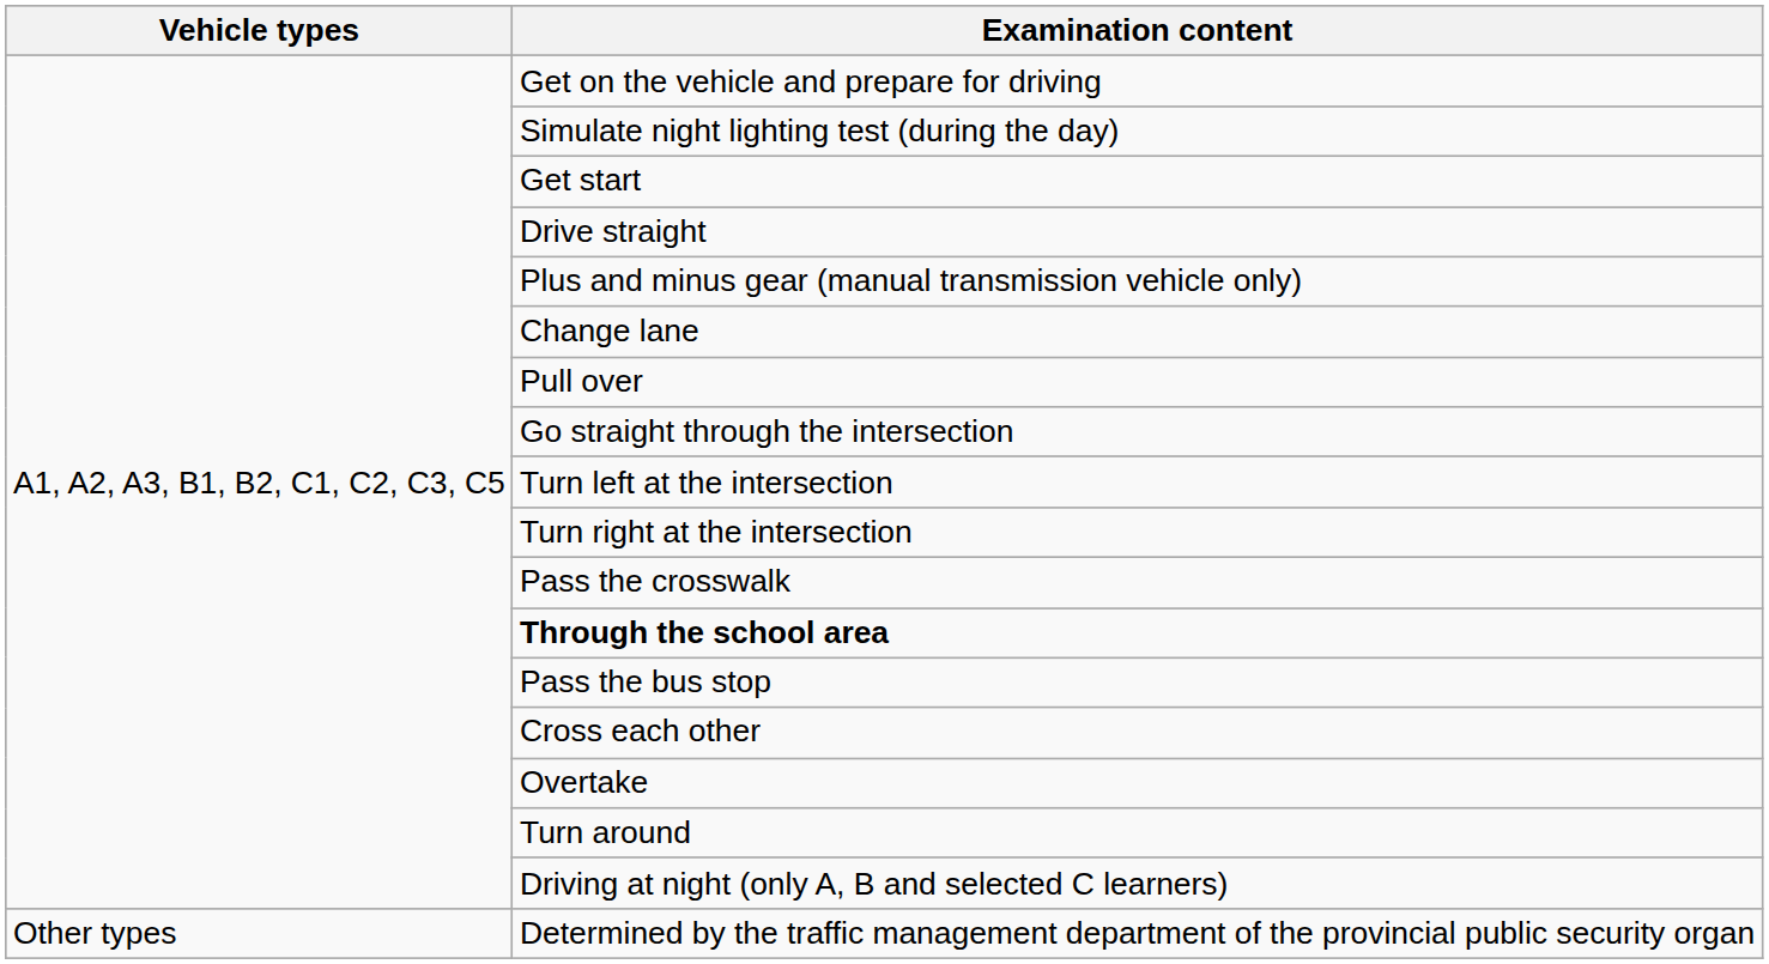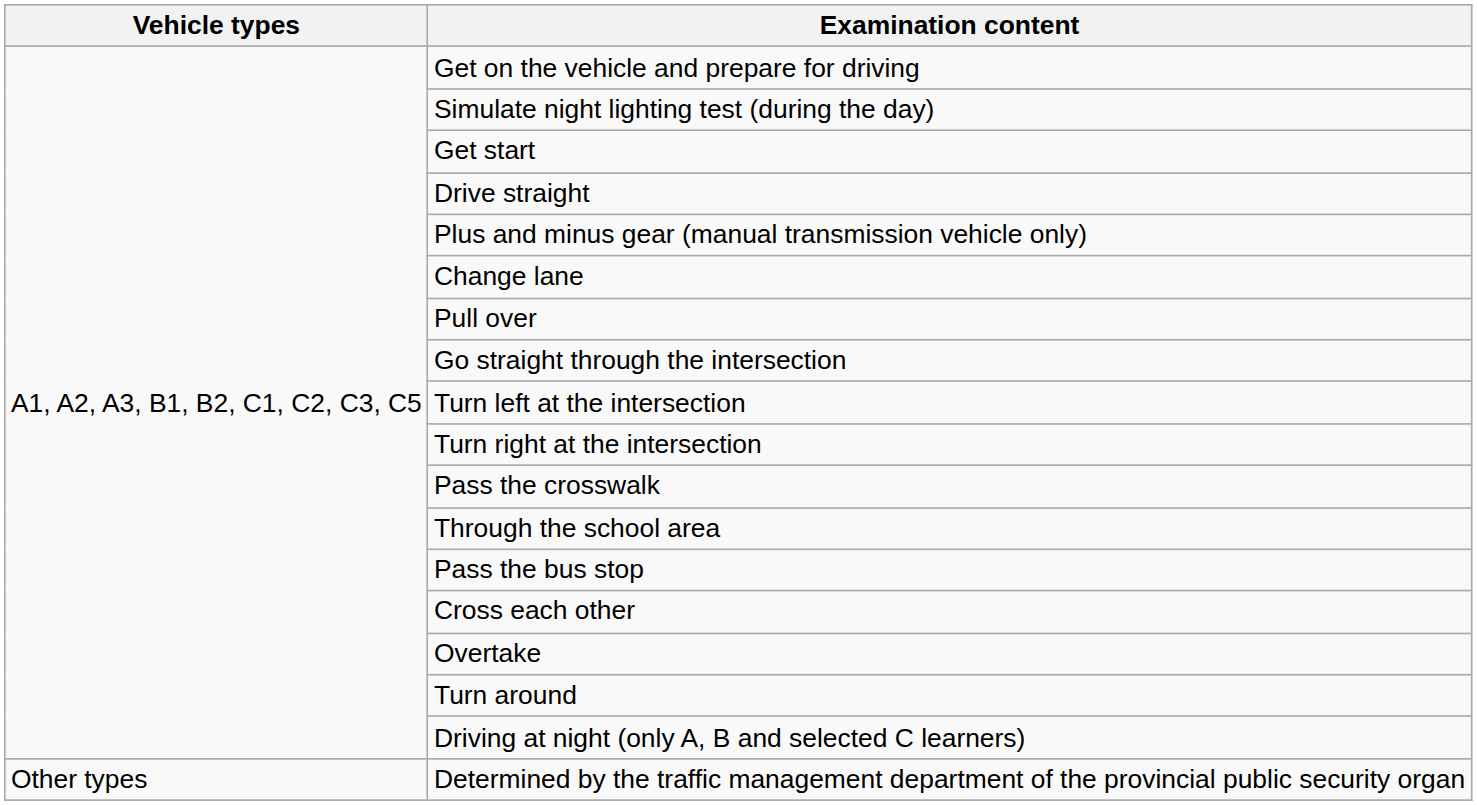 <table class=wikitable>
 <tr>
 <th>Vehicle types</th>
 <th>Examination content</th>
 </tr>
 <tr>
 <td rowspan=17>A1, A2, A3, B1, B2, C1, C2, C3, C5</td>
 <td>Get on the vehicle and prepare for driving</td>
 </tr>
 <tr>
 <td>Simulate night lighting test (during the day)</td>
 </tr>
 <tr>
 <td>Get start</td>
 </tr>
 <tr>
 <td>Drive straight</td>
 </tr>
 <tr>
 <td>Plus and minus gear (manual transmission vehicle only)</td>
 </tr>
 <tr>
 <td>Change lane</td>
 </tr>
 <tr>
 <td>Pull over</td>
 </tr>
 <tr>
 <td>Go straight through the intersection</td>
 </tr>
 <tr>
 <td>Turn left at the intersection</td>
 </tr>
 <tr>
 <td>Turn right at the intersection</td>
 </tr>
 <tr>
 <td>Pass the crosswalk</td>
 </tr>
 <tr>
-<td><strong>Through the school area</strong></td>
+<td>Through the school area</td>
 </tr>
 <tr>
 <td>Pass the bus stop</td>
 </tr>
 <tr>
 <td>Cross each other</td>
 </tr>
 <tr>
 <td>Overtake</td>
 </tr>
 <tr>
 <td>Turn around</td>
 </tr>
 <tr>
 <td>Driving at night (only A, B and selected C learners)</td>
 </tr>
 <tr>
 <td>Other types</td>
 <td>Determined by the traffic management department of the provincial public security organ</td>
 </tr>
 </table>
